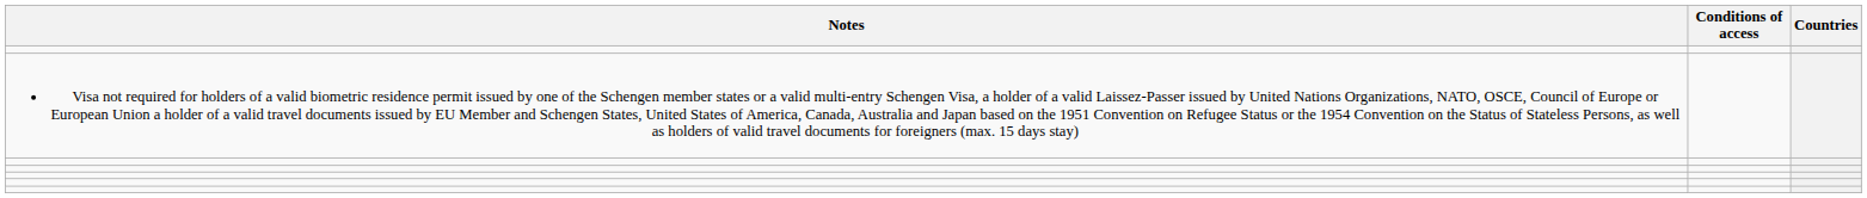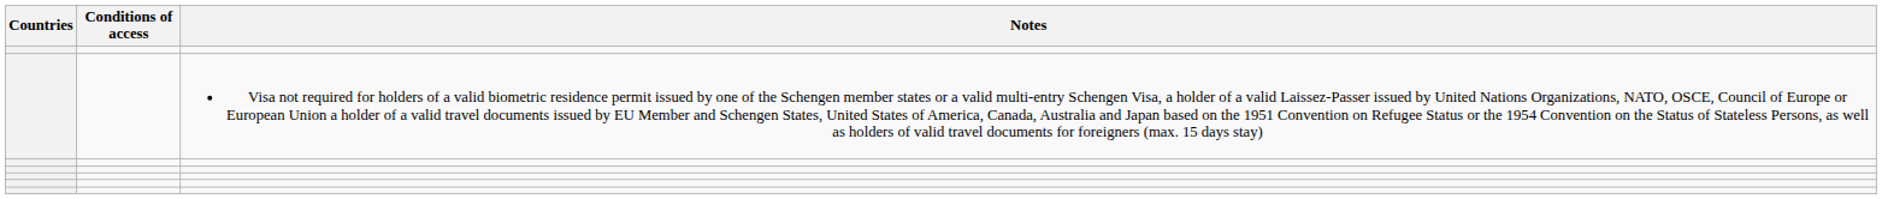 <table class="wikitable" style="text-align: center; table-layout: fixed;">
 <tr>
+<th>Countries</th>
+<th>Conditions of access</th>
 <th>Notes</th>
-<th>Conditions of access</th>
-<th>Countries</th>
 </tr>
 <tr>
+<th style="text-align: left;"></th>
 <td></td>
 <td></td>
-<th style="text-align: left;"></th>
 </tr>
 <tr>
+<th style="text-align: left;"></th>
+<td></td>
 <td><br><ul><li>Visa not required for holders of a valid biometric residence permit issued by one of the Schengen member states or a valid multi-entry Schengen Visa, a holder of a valid Laissez-Passer issued by United Nations Organizations, NATO, OSCE, Council of Europe or European Union a holder of a valid travel documents issued by EU Member and Schengen States, United States of America, Canada, Australia and Japan based on the 1951 Convention on Refugee Status or the 1954 Convention on the Status of Stateless Persons, as well as holders of valid travel documents for foreigners (max. 15 days stay)</li></ul></td>
-<td></td>
-<th style="text-align: left;"></th>
 </tr>
 <tr>
+<th style="text-align: left;"></th>
 <td></td>
 <td></td>
-<th style="text-align: left;"></th>
 </tr>
 <tr>
+<th style="text-align: left;"></th>
 <td></td>
 <td></td>
-<th style="text-align: left;"></th>
 </tr>
 <tr>
+<th style="text-align: left;"></th>
 <td></td>
 <td></td>
-<th style="text-align: left;"></th>
 </tr>
 <tr>
+<th style="text-align: left;"></th>
 <td></td>
 <td></td>
-<th style="text-align: left;"></th>
 </tr>
 <tr>
+<th style="text-align: left;"></th>
 <td></td>
 <td></td>
-<th style="text-align: left;"></th>
 </tr>
 </table>
